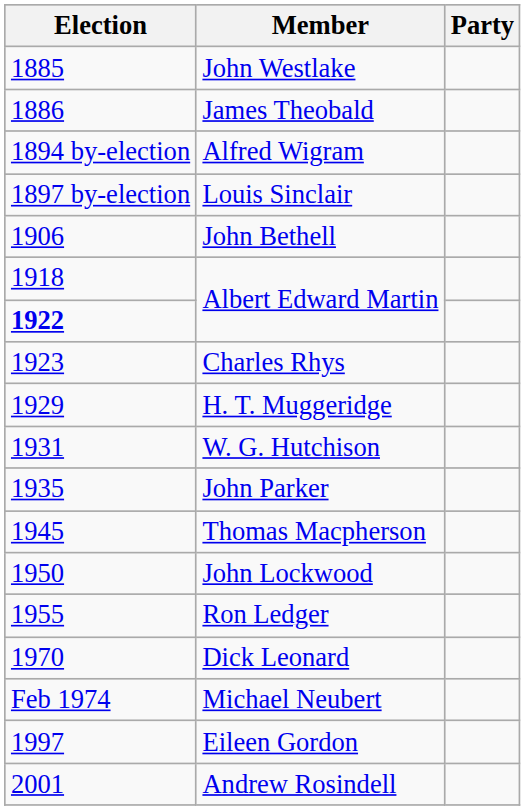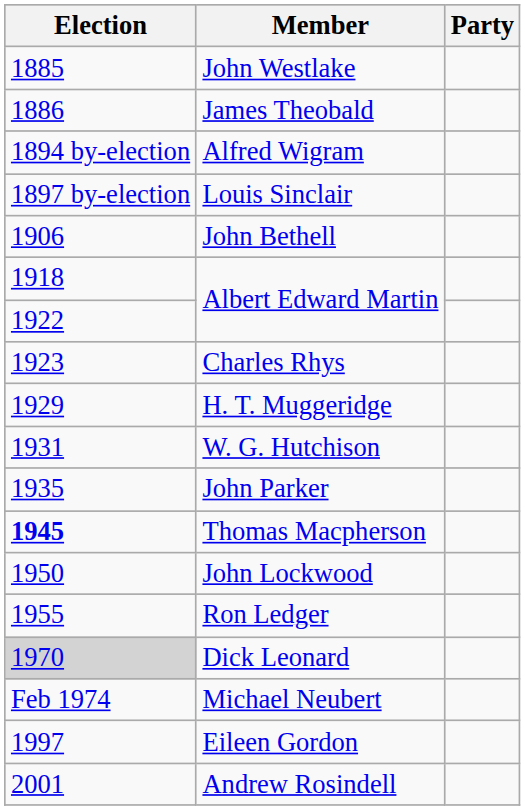 <table class="wikitable">
 <tr>
 <th>Election</th>
 <th>Member</th>
 <th colspan="2">Party</th>
 </tr>
 <tr>
 <td><a href='#'>1885</a></td>
 <td><a href='#'>John Westlake</a></td>
 <td></td>
 </tr>
 <tr>
 <td><a href='#'>1886</a></td>
 <td><a href='#'>James Theobald</a></td>
 <td></td>
 </tr>
 <tr>
 <td><a href='#'>1894 by-election</a></td>
 <td><a href='#'>Alfred Wigram</a></td>
 <td></td>
 </tr>
 <tr>
 <td><a href='#'>1897 by-election</a></td>
 <td><a href='#'>Louis Sinclair</a></td>
 <td></td>
 </tr>
 <tr>
 <td><a href='#'>1906</a></td>
 <td><a href='#'>John Bethell</a></td>
 <td></td>
 </tr>
 <tr>
 <td><a href='#'>1918</a></td>
 <td rowspan="2"><a href='#'>Albert Edward Martin</a></td>
 <td></td>
 </tr>
 <tr>
-<td><strong><a href='#'>1922</a></strong></td>
+<td><a href='#'>1922</a></td>
 <td></td>
 </tr>
 <tr>
 <td><a href='#'>1923</a></td>
 <td><a href='#'>Charles Rhys</a></td>
 <td></td>
 </tr>
 <tr>
 <td><a href='#'>1929</a></td>
 <td><a href='#'>H. T. Muggeridge</a></td>
 <td></td>
 </tr>
 <tr>
 <td><a href='#'>1931</a></td>
 <td><a href='#'>W. G. Hutchison</a></td>
 <td></td>
 </tr>
 <tr>
 <td><a href='#'>1935</a></td>
 <td><a href='#'>John Parker</a></td>
 <td></td>
 </tr>
 <tr>
-<td><a href='#'>1945</a></td>
+<td><strong><a href='#'>1945</a></strong></td>
 <td><a href='#'>Thomas Macpherson</a></td>
 <td></td>
 </tr>
 <tr>
 <td><a href='#'>1950</a></td>
 <td><a href='#'>John Lockwood</a></td>
 <td></td>
 </tr>
 <tr>
 <td><a href='#'>1955</a></td>
 <td><a href='#'>Ron Ledger</a></td>
 <td></td>
 </tr>
 <tr>
-<td><a href='#'>1970</a></td>
+<td style="background: lightgrey;"><a href='#'>1970</a></td>
 <td><a href='#'>Dick Leonard</a></td>
 <td></td>
 </tr>
 <tr>
 <td><a href='#'>Feb 1974</a></td>
 <td><a href='#'>Michael Neubert</a></td>
 <td></td>
 </tr>
 <tr>
 <td><a href='#'>1997</a></td>
 <td><a href='#'>Eileen Gordon</a></td>
 <td></td>
 </tr>
 <tr>
 <td><a href='#'>2001</a></td>
 <td><a href='#'>Andrew Rosindell</a></td>
 <td></td>
 </tr>
 </table>
